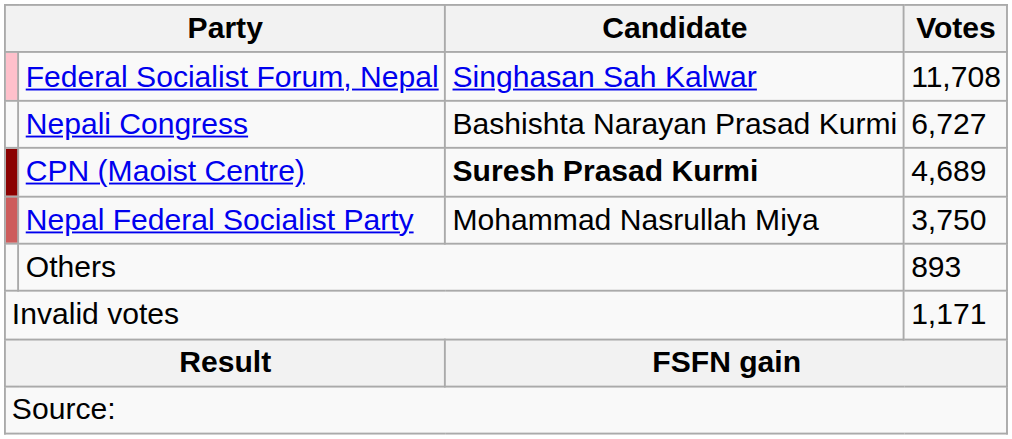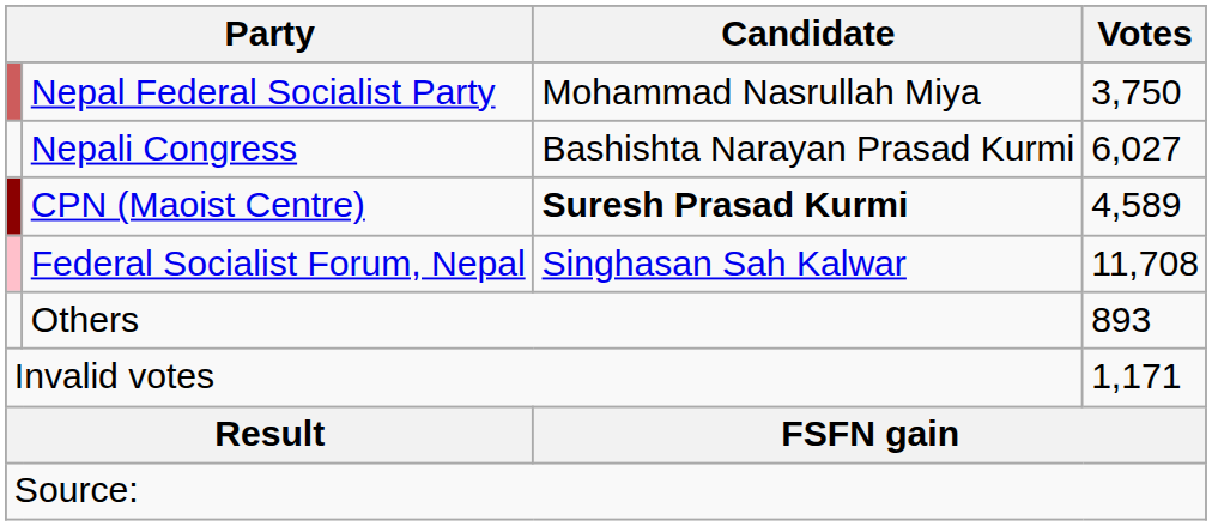 <table class="wikitable">
 <tr>
 <th colspan="2">Party</th>
 <th>Candidate</th>
 <th>Votes</th>
 </tr>
 <tr>
-<td style="background-color:pink"></td>
-<td><a href='#'>Federal Socialist Forum, Nepal</a></td>
-<td><a href='#'>Singhasan Sah Kalwar</a></td>
-<td>11,708</td>
+<td style="background-color:#CD5C5C"></td>
+<td><a href='#'>Nepal Federal Socialist Party</a></td>
+<td>Mohammad Nasrullah Miya</td>
+<td>3,750</td>
 </tr>
 <tr>
 <td style="background-color:"></td>
 <td><a href='#'>Nepali Congress</a></td>
 <td>Bashishta Narayan Prasad Kurmi</td>
-<td>6,727</td>
+<td>6,027</td>
 </tr>
 <tr>
 <td style="background-color:darkred"></td>
 <td><a href='#'>CPN (Maoist Centre)</a></td>
 <td><strong>Suresh Prasad Kurmi</strong></td>
-<td>4,689</td>
+<td>4,589</td>
 </tr>
 <tr>
-<td style="background-color:#CD5C5C"></td>
-<td><a href='#'>Nepal Federal Socialist Party</a></td>
-<td>Mohammad Nasrullah Miya</td>
-<td>3,750</td>
+<td style="background-color:pink"></td>
+<td><a href='#'>Federal Socialist Forum, Nepal</a></td>
+<td><a href='#'>Singhasan Sah Kalwar</a></td>
+<td>11,708</td>
 </tr>
 <tr>
 <td></td>
 <td colspan="2">Others</td>
 <td>893</td>
 </tr>
 <tr>
 <td colspan="3">Invalid votes</td>
 <td>1,171</td>
 </tr>
 <tr>
 <th colspan="2">Result</th>
 <th colspan="2">FSFN gain</th>
 </tr>
 <tr>
 <td colspan="4">Source: </td>
 </tr>
 </table>
